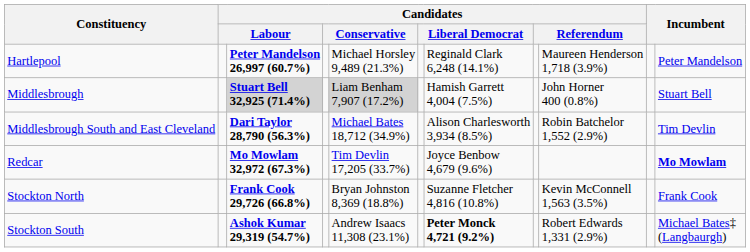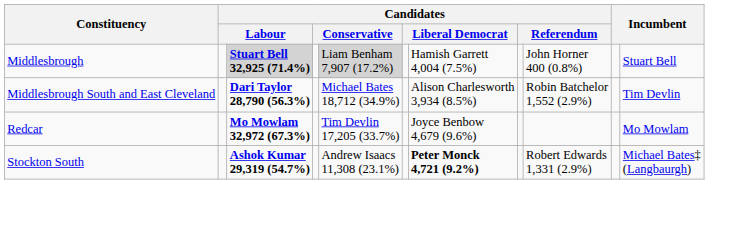 <table class="wikitable">
 <tr>
 <th rowspan="2">Constituency</th>
 <th colspan="8">Candidates</th>
 <th colspan="2" rowspan="2">Incumbent</th>
 </tr>
 <tr>
 <th colspan="2"><a href='#'>Labour</a></th>
 <th colspan="2"><a href='#'>Conservative</a></th>
 <th colspan="2"><a href='#'>Liberal Democrat</a></th>
 <th colspan="2"><a href='#'>Referendum</a></th>
-</tr>
-<tr>
-<td><a href='#'>Hartlepool</a></td>
-<td style="color:inherit;background:"> </td>
-<td><strong><a href='#'>Peter Mandelson</a></strong><br><strong>26,997 (60.7%)</strong></td>
-<td></td>
-<td>Michael Horsley<br>9,489 (21.3%)</td>
-<td></td>
-<td>Reginald Clark<br>6,248 (14.1%)</td>
-<td></td>
-<td>Maureen Henderson<br>1,718 (3.9%)</td>
-<td style="color:inherit;background:"> </td>
-<td><a href='#'>Peter Mandelson</a></td>
 </tr>
 <tr>
 <td><a href='#'>Middlesbrough</a></td>
 <td style="color:inherit;background:"> </td>
 <td style="background: lightgrey;"><strong><a href='#'>Stuart Bell</a></strong><br><strong>32,925 (71.4%)</strong></td>
 <td></td>
 <td style="background: lightgrey;">Liam Benham<br>7,907 (17.2%)</td>
 <td></td>
 <td>Hamish Garrett<br>4,004 (7.5%)</td>
 <td></td>
 <td>John Horner<br>400 (0.8%)</td>
 <td style="color:inherit;background:"> </td>
 <td><a href='#'>Stuart Bell</a></td>
 </tr>
 <tr>
 <td><a href='#'>Middlesbrough South and East Cleveland</a></td>
 <td style="color:inherit;background:"> </td>
 <td><strong><a href='#'>Dari Taylor</a></strong><br><strong>28,790 (56.3%)</strong></td>
 <td></td>
 <td><a href='#'>Michael Bates</a><br>18,712 (34.9%)</td>
 <td></td>
 <td>Alison Charlesworth<br>3,934 (8.5%)</td>
 <td></td>
 <td>Robin Batchelor<br>1,552 (2.9%)</td>
 <td style="color:inherit;background:"> </td>
 <td><a href='#'>Tim Devlin</a></td>
 </tr>
 <tr>
 <td><a href='#'>Redcar</a></td>
 <td style="color:inherit;background:"> </td>
 <td><strong><a href='#'>Mo Mowlam</a></strong><br><strong>32,972 (67.3%)</strong></td>
 <td></td>
 <td><a href='#'>Tim Devlin</a><br>17,205 (33.7%)</td>
 <td></td>
 <td>Joyce Benbow<br>4,679 (9.6%)</td>
 <td></td>
 <td></td>
 <td style="color:inherit;background:"> </td>
-<td><strong><a href='#'>Mo Mowlam</a></strong></td>
-</tr>
-<tr>
-<td><a href='#'>Stockton North</a></td>
-<td style="color:inherit;background:"> </td>
-<td><strong><a href='#'>Frank Cook</a></strong><br><strong>29,726 (66.8%)</strong></td>
-<td></td>
-<td>Bryan Johnston<br>8,369 (18.8%)</td>
-<td></td>
-<td>Suzanne Fletcher<br>4,816 (10.8%)</td>
-<td></td>
-<td>Kevin McConnell<br>1,563 (3.5%)</td>
-<td style="color:inherit;background:"> </td>
-<td><a href='#'>Frank Cook</a></td>
+<td><a href='#'>Mo Mowlam</a></td>
 </tr>
 <tr>
 <td><a href='#'>Stockton South</a></td>
 <td style="color:inherit;background:"> </td>
 <td><strong><a href='#'>Ashok Kumar</a></strong><br><strong>29,319 (54.7%)</strong></td>
 <td></td>
 <td>Andrew Isaacs<br>11,308 (23.1%)</td>
 <td></td>
 <td><strong>Peter Monck<br>4,721 (9.2%)</strong></td>
 <td></td>
 <td>Robert Edwards<br>1,331 (2.9%)</td>
 <td style="color:inherit;background:"> </td>
 <td><a href='#'>Michael Bates</a>‡<br>(<a href='#'>Langbaurgh</a>)</td>
 </tr>
 </table>
